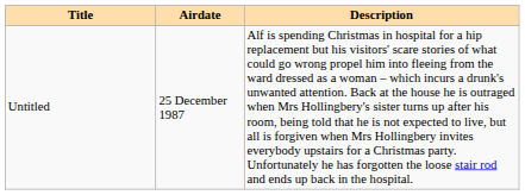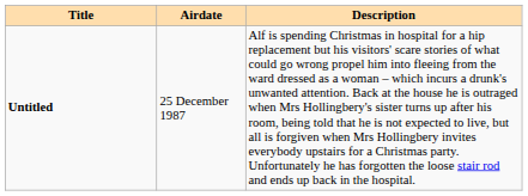 <table class="wikitable" border=1 style="font-size: 94%">
 <tr>
 <th style="background:#ffdead" width=17%>Title</th>
 <th style="background:#ffdead" width=8%>Airdate</th>
 <th style="background:#ffdead" width=31%>Description</th>
 </tr>
 <tr>
-<td>Untitled</td>
+<td><strong>Untitled</strong></td>
 <td>25 December 1987</td>
 <td>Alf is spending Christmas in hospital for a hip replacement but his visitors' scare stories of what could go wrong propel him into fleeing from the ward dressed as a woman – which incurs a drunk's unwanted attention. Back at the house he is outraged when Mrs Hollingbery's sister turns up after his room, being told that he is not expected to live, but all is forgiven when Mrs Hollingbery invites everybody upstairs for a Christmas party. Unfortunately he has forgotten the loose <a href='#'>stair rod</a> and ends up back in the hospital.</td>
 </tr>
 </table>
